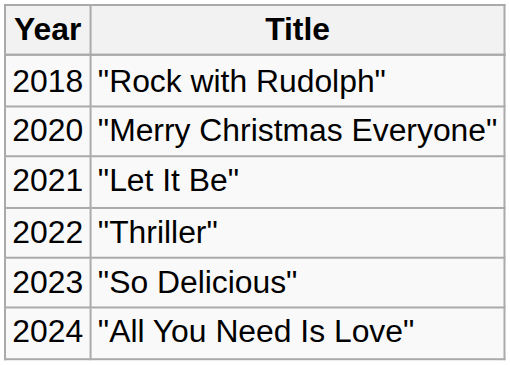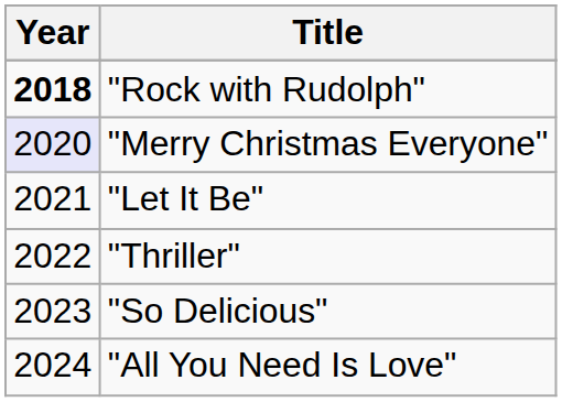 <table class="wikitable">
 <tr>
 <th>Year</th>
 <th>Title</th>
 </tr>
 <tr style=font-size:smaller>
 </tr>
 <tr>
-<td>2018</td>
+<td><strong>2018</strong></td>
 <td>"Rock with Rudolph"</td>
 </tr>
 <tr>
-<td style="text-align:center;">2020</td>
+<td style="background: lavender; text-align:center;">2020</td>
 <td>"Merry Christmas Everyone"</td>
 </tr>
 <tr>
 <td style="text-align:center;">2021</td>
 <td>"Let It Be"</td>
 </tr>
 <tr>
 <td style="text-align:center;">2022</td>
 <td>"Thriller"</td>
 </tr>
 <tr>
 <td style="text-align:center;">2023</td>
 <td>"So Delicious"</td>
 </tr>
 <tr>
 <td style="text-align:center;">2024</td>
 <td>"All You Need Is Love"</td>
 </tr>
 </table>
